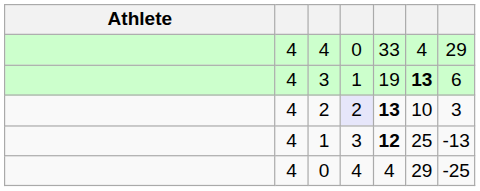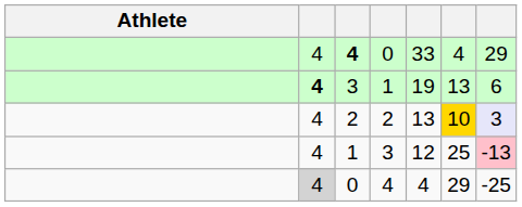 <table class="wikitable" style="text-align:center;">
 <tr>
 <th width=220>Athlete</th>
 <th width=20></th>
 <th width=20></th>
 <th width=20></th>
 <th width=20></th>
 <th width=20></th>
 <th width=20></th>
 </tr>
 <tr bgcolor=ccffcc>
 <td align="left"></td>
 <td>4</td>
-<td>4</td>
+<td><strong>4</strong></td>
 <td>0</td>
 <td>33</td>
 <td>4</td>
 <td>29</td>
 </tr>
 <tr bgcolor=ccffcc>
 <td align="left"></td>
-<td>4</td>
+<td><strong>4</strong></td>
 <td>3</td>
 <td>1</td>
 <td>19</td>
-<td><strong>13</strong></td>
+<td>13</td>
 <td>6</td>
 </tr>
 <tr>
 <td align="left"></td>
 <td>4</td>
 <td>2</td>
-<td style="background: lavender;">2</td>
-<td><strong>13</strong></td>
-<td>10</td>
-<td>3</td>
+<td>2</td>
+<td>13</td>
+<td style="background: gold;">10</td>
+<td style="background: lavender;">3</td>
 </tr>
 <tr>
 <td align="left"></td>
 <td>4</td>
 <td>1</td>
 <td>3</td>
-<td><strong>12</strong></td>
+<td>12</td>
 <td>25</td>
-<td>-13</td>
+<td style="background: pink;">-13</td>
 </tr>
 <tr>
 <td align="left"></td>
-<td>4</td>
+<td style="background: lightgrey;">4</td>
 <td>0</td>
 <td>4</td>
 <td>4</td>
 <td>29</td>
 <td>-25</td>
 </tr>
 </table>
